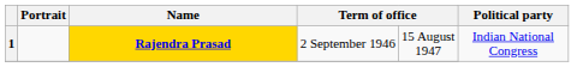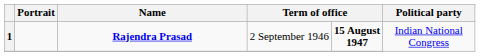 <table class="wikitable" style="text-align:center">
 <tr>
 <th></th>
 <th>Portrait</th>
 <th style="width:17em">Name</th>
 <th colspan="2">Term of office</th>
 <th style="width:8em">Political party</th>
 </tr>
 <tr>
 <th>1</th>
 <td></td>
-<td style="background: gold;"><strong><a href='#'>Rajendra Prasad</a></strong></td>
+<td><strong><a href='#'>Rajendra Prasad</a></strong></td>
 <td>2 September 1946</td>
-<td>15 August<br>1947</td>
+<td><strong>15 August<br>1947</strong></td>
 <td rowspan="15"><a href='#'>Indian National Congress</a></td>
 </tr>
 <tr>
 </tr>
 </table>
